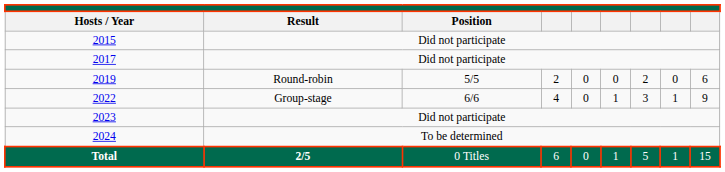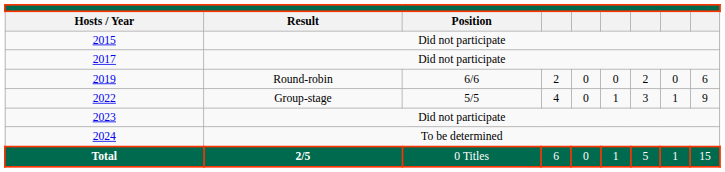 <table class="wikitable" style="text-align: center;font-size:90%; width:70%;">
 <tr>
 <th colspan=10 style="background: #006a4e;border: 2px solid #ff3300;color: #FFFFFF;"><a href='#'></a></th>
 </tr>
 <tr>
 <th>Hosts / Year</th>
 <th>Result</th>
 <th>Position</th>
 <th width=30></th>
 <th width=30></th>
 <th width=30></th>
 <th width=30></th>
 <th width=30></th>
 <th width=30></th>
 </tr>
 <tr>
 <td> <a href='#'>2015</a></td>
 <td colspan=8>Did not participate</td>
 </tr>
 <tr>
 <td> <a href='#'>2017</a></td>
 <td colspan=8>Did not participate</td>
 </tr>
 <tr>
 <td> <a href='#'>2019</a></td>
 <td>Round-robin</td>
-<td>5/5</td>
+<td>6/6</td>
 <td>2</td>
 <td>0</td>
 <td>0</td>
 <td>2</td>
 <td>0</td>
 <td>6</td>
 </tr>
 <tr>
 <td> <a href='#'>2022</a></td>
 <td>Group-stage</td>
-<td>6/6</td>
+<td>5/5</td>
 <td>4</td>
 <td>0</td>
 <td>1</td>
 <td>3</td>
 <td>1</td>
 <td>9</td>
 </tr>
 <tr>
 <td> <a href='#'>2023</a></td>
 <td colspan=8>Did not participate</td>
 </tr>
 <tr>
 <td> <a href='#'>2024</a></td>
 <td colspan=8>To be determined</td>
 </tr>
 <tr>
 <td style="background: #006a4e;border: 2px solid #ff3300;color:white; "><strong>Total</strong></td>
 <td style="background: #006a4e;border: 2px solid #ff3300;color:white; "><strong>2/5</strong></td>
 <td style="background: #006a4e;border: 2px solid #ff3300;color:white; ">0 Titles</td>
 <td style="background: #006a4e;border: 2px solid #ff3300;color:white; ">6</td>
 <td style="background: #006a4e;border: 2px solid #ff3300;color:white; ">0</td>
 <td style="background: #006a4e;border: 2px solid #ff3300;color:white; ">1</td>
 <td style="background: #006a4e;border: 2px solid #ff3300;color:white; ">5</td>
 <td style="background: #006a4e;border: 2px solid #ff3300;color:white; ">1</td>
 <td style="background: #006a4e;border: 2px solid #ff3300;color:white; ">15</td>
 </tr>
 </table>
